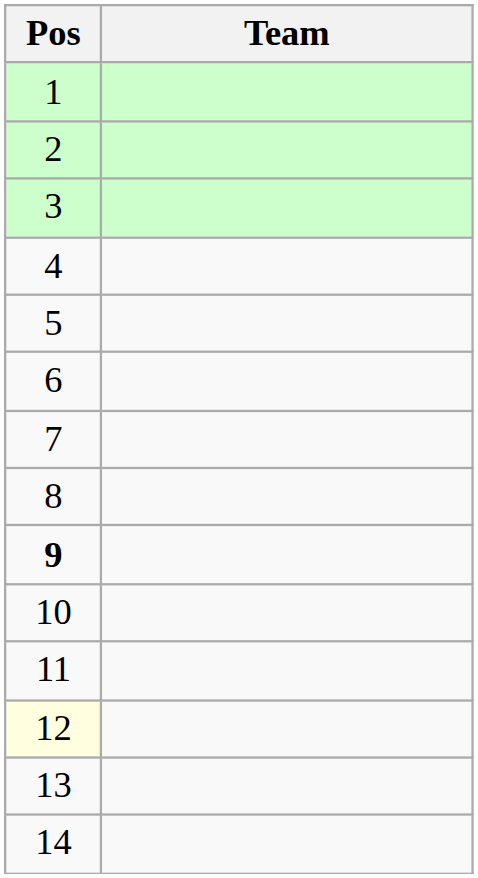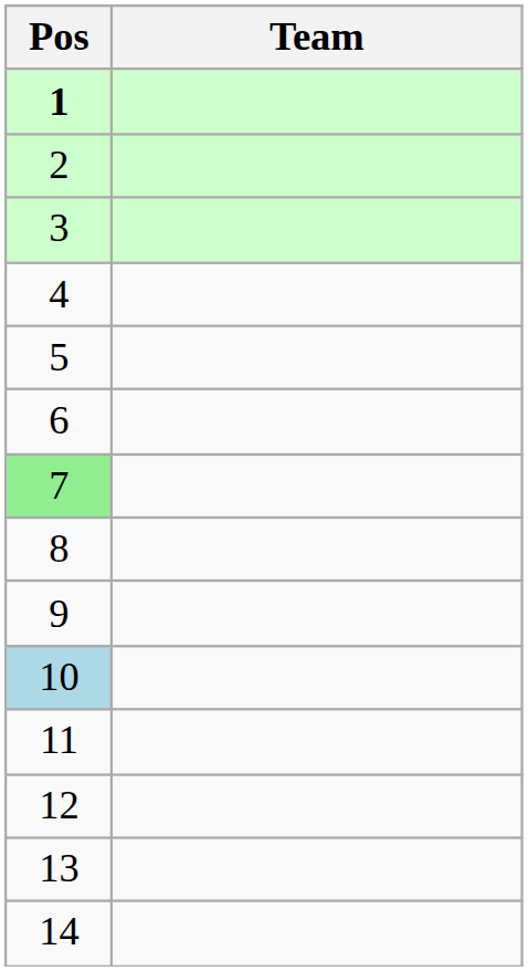 <table class="wikitable" style="text-align:center;">
 <tr>
 <th width="35">Pos</th>
 <th width="155">Team</th>
 </tr>
 <tr bgcolor="ccffcc">
-<td>1</td>
+<td><strong>1</strong></td>
 <td align="left"></td>
 </tr>
 <tr bgcolor="ccffcc">
 <td>2</td>
 <td align="left"></td>
 </tr>
 <tr bgcolor="ccffcc">
 <td>3</td>
 <td align="left"></td>
 </tr>
 <tr>
 <td>4</td>
 <td align="left"></td>
 </tr>
 <tr>
 <td>5</td>
 <td align="left"></td>
 </tr>
 <tr>
 <td>6</td>
 <td align="left"></td>
 </tr>
 <tr>
-<td>7</td>
+<td style="background: lightgreen;">7</td>
 <td align="left"></td>
 </tr>
 <tr>
 <td>8</td>
 <td align="left"></td>
 </tr>
 <tr>
-<td><strong>9</strong></td>
+<td>9</td>
 <td align="left"></td>
 </tr>
 <tr>
-<td>10</td>
+<td style="background: lightblue;">10</td>
 <td align="left"></td>
 </tr>
 <tr>
 <td>11</td>
 <td align="left"></td>
 </tr>
 <tr>
-<td style="background: lightyellow;">12</td>
+<td>12</td>
 <td align="left"></td>
 </tr>
 <tr>
 <td>13</td>
 <td align="left"></td>
 </tr>
 <tr>
 <td>14</td>
 <td align="left"></td>
 </tr>
 </table>
